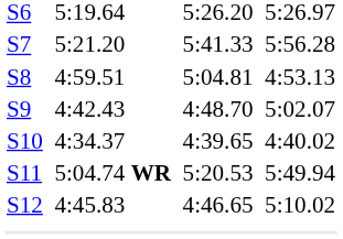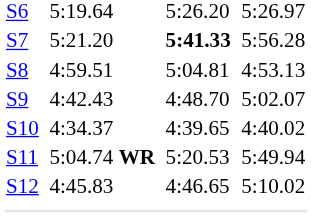 <table>
 <tr>
 <td><a href='#'>S6</a></td>
 <td></td>
 <td>5:19.64</td>
 <td></td>
 <td>5:26.20</td>
 <td></td>
 <td>5:26.97</td>
 </tr>
 <tr>
 <td><a href='#'>S7</a></td>
 <td></td>
 <td>5:21.20</td>
 <td></td>
-<td>5:41.33</td>
+<td><strong>5:41.33</strong></td>
 <td></td>
 <td>5:56.28</td>
 </tr>
 <tr>
 <td><a href='#'>S8</a></td>
 <td></td>
 <td>4:59.51</td>
 <td></td>
 <td>5:04.81</td>
 <td></td>
 <td>4:53.13</td>
 </tr>
 <tr>
 <td><a href='#'>S9</a></td>
 <td></td>
 <td>4:42.43</td>
 <td></td>
 <td>4:48.70</td>
 <td></td>
 <td>5:02.07</td>
 </tr>
 <tr>
 <td><a href='#'>S10</a></td>
 <td></td>
 <td>4:34.37</td>
 <td></td>
 <td>4:39.65</td>
 <td></td>
 <td>4:40.02</td>
 </tr>
 <tr>
 <td><a href='#'>S11</a></td>
 <td></td>
 <td>5:04.74 <strong>WR</strong></td>
 <td></td>
 <td>5:20.53</td>
 <td></td>
 <td>5:49.94</td>
 </tr>
 <tr>
 <td><a href='#'>S12</a></td>
 <td></td>
 <td>4:45.83</td>
 <td></td>
 <td>4:46.65</td>
 <td></td>
 <td>5:10.02</td>
 </tr>
 <tr>
 <td colspan=7></td>
 </tr>
 <tr>
 </tr>
 <tr bgcolor= e8e8e8>
 <td colspan=7></td>
 </tr>
 </table>
